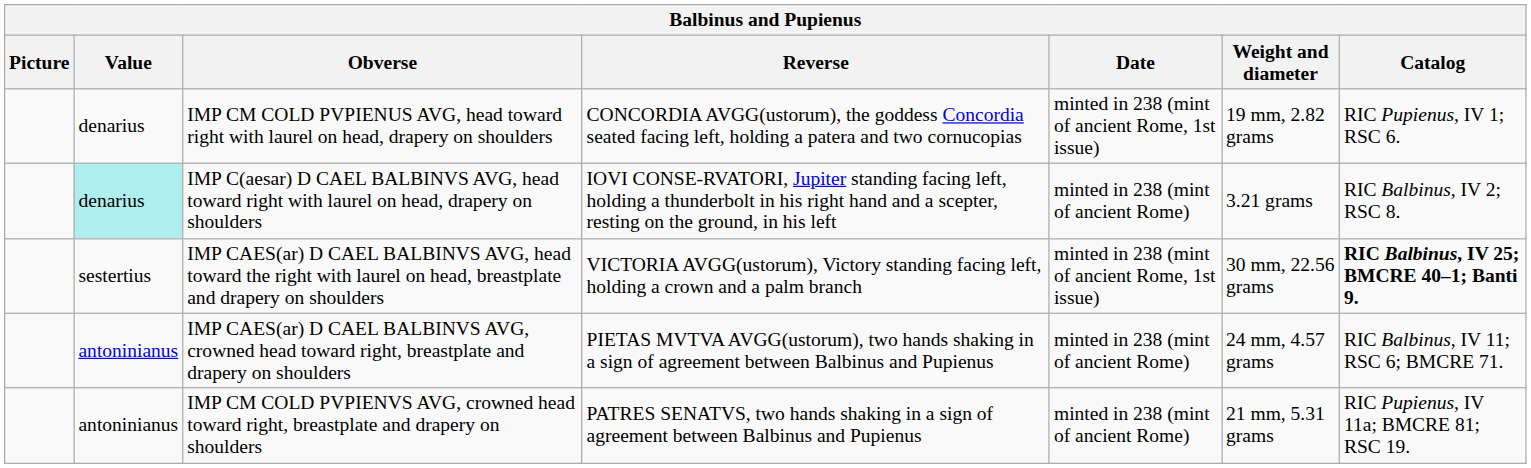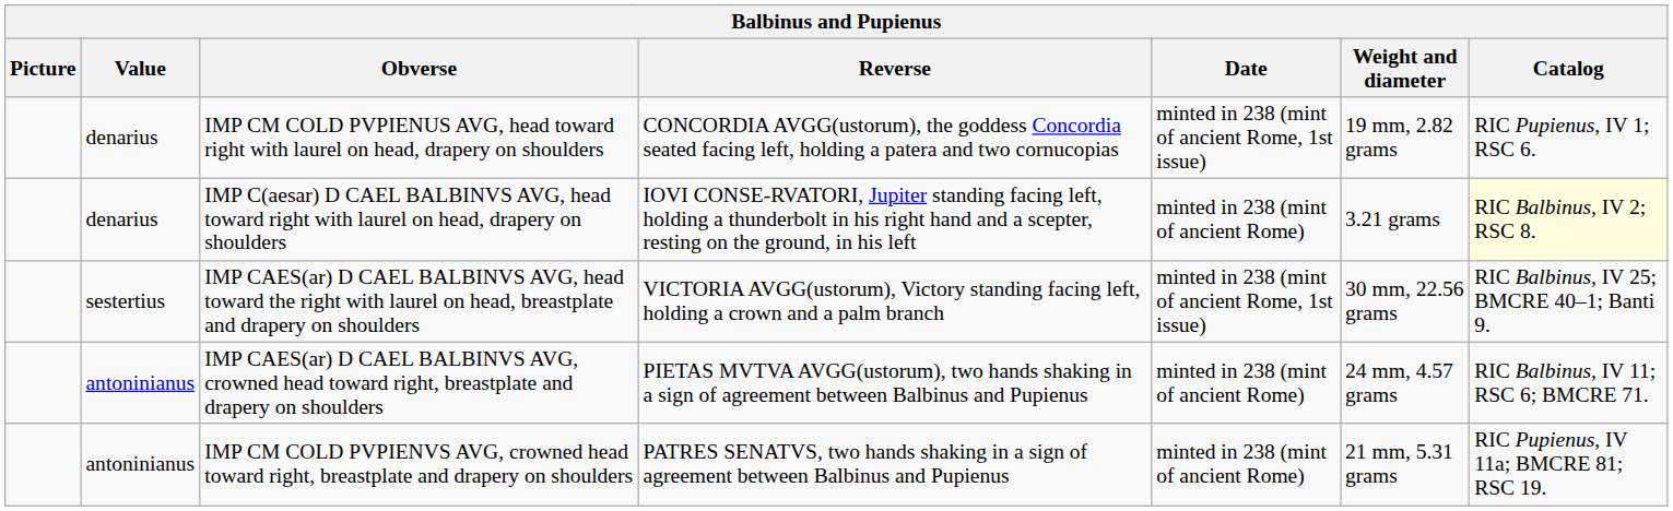 <table class="wikitable">
 <tr>
 <th colspan="7">Balbinus and Pupienus</th>
 </tr>
 <tr>
 <th>Picture</th>
 <th>Value</th>
 <th>Obverse</th>
 <th>Reverse</th>
 <th>Date</th>
 <th>Weight and diameter</th>
 <th>Catalog</th>
 </tr>
 <tr>
 <td></td>
 <td>denarius</td>
 <td>IMP CM COLD PVPIENUS AVG, head toward right with laurel on head, drapery on shoulders</td>
 <td>CONCORDIA AVGG(ustorum), the goddess <a href='#'>Concordia</a> seated facing left, holding a patera and two cornucopias</td>
 <td>minted in 238 (mint of ancient Rome, 1st issue)</td>
 <td>19 mm, 2.82 grams</td>
 <td>RIC <em>Pupienus</em>, IV 1; RSC 6.</td>
 </tr>
 <tr>
 <td></td>
-<td style="background: paleturquoise;">denarius</td>
+<td>denarius</td>
 <td>IMP C(aesar) D CAEL BALBINVS AVG, head toward right with laurel on head, drapery on shoulders</td>
 <td>IOVI CONSE-RVATORI, <a href='#'>Jupiter</a> standing facing left, holding a thunderbolt in his right hand and a scepter, resting on the ground, in his left</td>
 <td>minted in 238 (mint of ancient Rome)</td>
 <td>3.21 grams</td>
-<td>RIC <em>Balbinus</em>, IV 2; RSC 8.</td>
+<td style="background: lightyellow;">RIC <em>Balbinus</em>, IV 2; RSC 8.</td>
 </tr>
 <tr>
 <td></td>
 <td>sestertius</td>
 <td>IMP CAES(ar) D CAEL BALBINVS AVG, head toward the right with laurel on head, breastplate and drapery on shoulders</td>
 <td>VICTORIA AVGG(ustorum), Victory standing facing left, holding a crown and a palm branch</td>
 <td>minted in 238 (mint of ancient Rome, 1st issue)</td>
 <td>30 mm, 22.56 grams</td>
-<td><strong>RIC <em>Balbinus</em>, IV 25; BMCRE 40–1; Banti 9.</strong></td>
+<td>RIC <em>Balbinus</em>, IV 25; BMCRE 40–1; Banti 9.</td>
 </tr>
 <tr>
 <td></td>
 <td><a href='#'>antoninianus</a></td>
 <td>IMP CAES(ar) D CAEL BALBINVS AVG, crowned head toward right, breastplate and drapery on shoulders</td>
 <td>PIETAS MVTVA AVGG(ustorum), two hands shaking in a sign of agreement between Balbinus and Pupienus</td>
 <td>minted in 238 (mint of ancient Rome)</td>
 <td>24 mm, 4.57 grams</td>
 <td>RIC <em>Balbinus</em>, IV 11; RSC 6; BMCRE 71.</td>
 </tr>
 <tr>
 <td></td>
 <td>antoninianus</td>
 <td>IMP CM COLD PVPIENVS AVG, crowned head toward right, breastplate and drapery on shoulders</td>
 <td>PATRES SENATVS, two hands shaking in a sign of agreement between Balbinus and Pupienus</td>
 <td>minted in 238 (mint of ancient Rome)</td>
 <td>21 mm, 5.31 grams</td>
 <td>RIC <em>Pupienus</em>, IV 11a; BMCRE 81; RSC 19.</td>
 </tr>
 </table>
